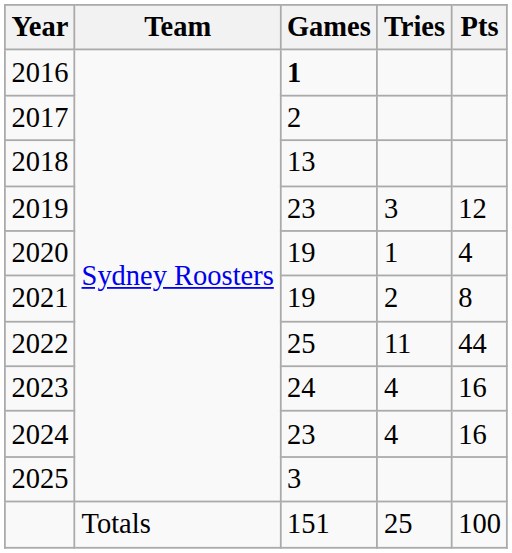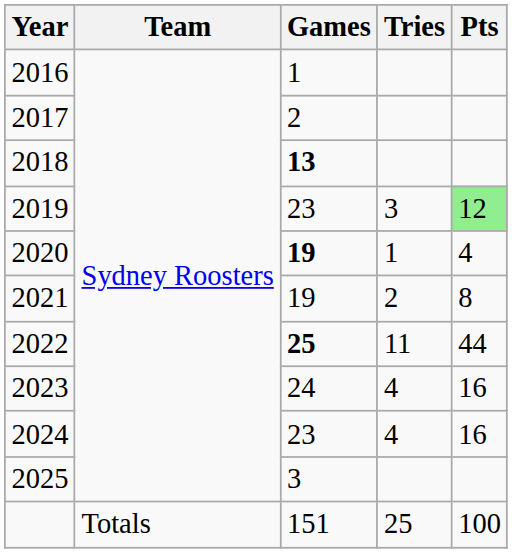 <table class="wikitable">
 <tr>
 <th>Year</th>
 <th>Team</th>
 <th>Games</th>
 <th>Tries</th>
 <th>Pts</th>
 </tr>
 <tr>
 <td>2016</td>
 <td rowspan="10"> <a href='#'>Sydney Roosters</a></td>
-<td><strong>1</strong></td>
+<td>1</td>
 <td></td>
 <td></td>
 </tr>
 <tr>
 <td>2017</td>
 <td>2</td>
 <td></td>
 <td></td>
 </tr>
 <tr>
 <td>2018</td>
-<td>13</td>
+<td><strong>13</strong></td>
 <td></td>
 <td></td>
 </tr>
 <tr>
 <td>2019</td>
 <td>23</td>
 <td>3</td>
-<td>12</td>
+<td style="background: lightgreen;">12</td>
 </tr>
 <tr>
 <td>2020</td>
-<td>19</td>
+<td><strong>19</strong></td>
 <td>1</td>
 <td>4</td>
 </tr>
 <tr>
 <td>2021</td>
 <td>19</td>
 <td>2</td>
 <td>8</td>
 </tr>
 <tr>
 <td>2022</td>
-<td>25</td>
+<td><strong>25</strong></td>
 <td>11</td>
 <td>44</td>
 </tr>
 <tr>
 <td>2023</td>
 <td>24</td>
 <td>4</td>
 <td>16</td>
 </tr>
 <tr>
 <td>2024</td>
 <td>23</td>
 <td>4</td>
 <td>16</td>
 </tr>
 <tr>
 <td>2025</td>
 <td>3</td>
 <td></td>
 <td></td>
 </tr>
 <tr>
 <td></td>
 <td>Totals</td>
 <td>151</td>
 <td>25</td>
 <td>100</td>
 </tr>
 </table>
